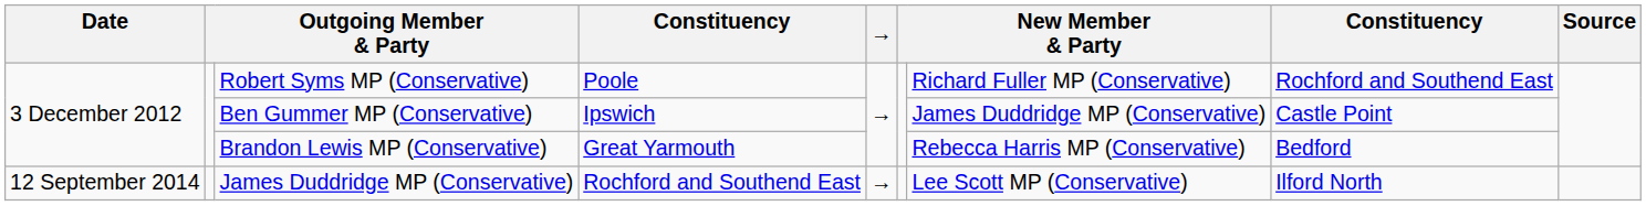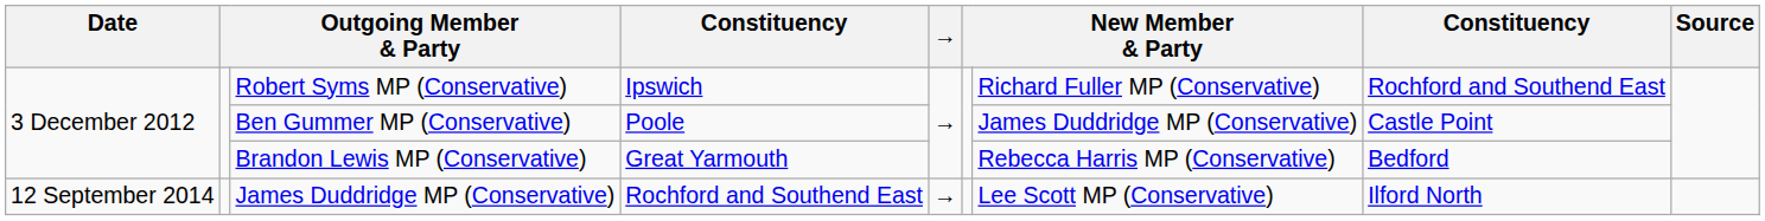 <table class="wikitable">
 <tr>
 <th valign="top">Date</th>
 <th colspan="2" valign="top">Outgoing Member<br>& Party</th>
 <th valign="top">Constituency</th>
 <th>→</th>
 <th colspan="2" valign="top">New Member<br>& Party</th>
 <th valign="top">Constituency</th>
 <th valign="top">Source</th>
 </tr>
 <tr>
 <td rowspan=3>3 December 2012</td>
 <td rowspan=3 style="color:inherit;background:"></td>
 <td><a href='#'>Robert Syms</a> MP (<a href='#'>Conservative</a>)</td>
-<td><a href='#'>Poole</a></td>
+<td><a href='#'>Ipswich</a></td>
 <td rowspan=3>→</td>
 <td rowspan=3 style="color:inherit;background:"></td>
 <td><a href='#'>Richard Fuller</a> MP (<a href='#'>Conservative</a>)</td>
 <td><a href='#'>Rochford and Southend East</a></td>
 <td rowspan=3></td>
 </tr>
 <tr>
 <td><a href='#'>Ben Gummer</a> MP (<a href='#'>Conservative</a>)</td>
-<td><a href='#'>Ipswich</a></td>
+<td><a href='#'>Poole</a></td>
 <td><a href='#'>James Duddridge</a> MP (<a href='#'>Conservative</a>)</td>
 <td><a href='#'>Castle Point</a></td>
 </tr>
 <tr>
 <td><a href='#'>Brandon Lewis</a> MP (<a href='#'>Conservative</a>)</td>
 <td><a href='#'>Great Yarmouth</a></td>
 <td><a href='#'>Rebecca Harris</a> MP (<a href='#'>Conservative</a>)</td>
 <td><a href='#'>Bedford</a></td>
 </tr>
 <tr>
 <td>12 September 2014</td>
 <td style="color:inherit;background:"></td>
 <td><a href='#'>James Duddridge</a> MP (<a href='#'>Conservative</a>)</td>
 <td><a href='#'>Rochford and Southend East</a></td>
 <td>→</td>
 <td style="color:inherit;background:"></td>
 <td><a href='#'>Lee Scott</a> MP (<a href='#'>Conservative</a>)</td>
 <td><a href='#'>Ilford North</a></td>
 <td></td>
 </tr>
 </table>
